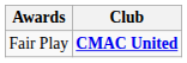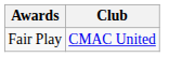 <table class="wikitable" style="font-size: 100%;">
 <tr>
 <th>Awards</th>
 <th>Club</th>
 </tr>
 <tr>
 <td>Fair Play</td>
-<td><strong><a href='#'>CMAC United</a></strong></td>
+<td><a href='#'>CMAC United</a></td>
 </tr>
 </table>
